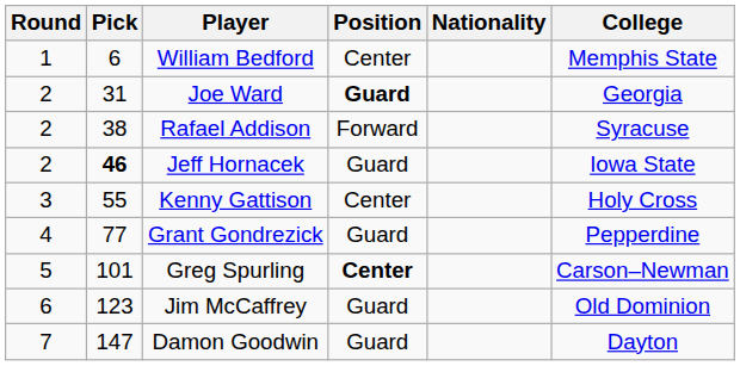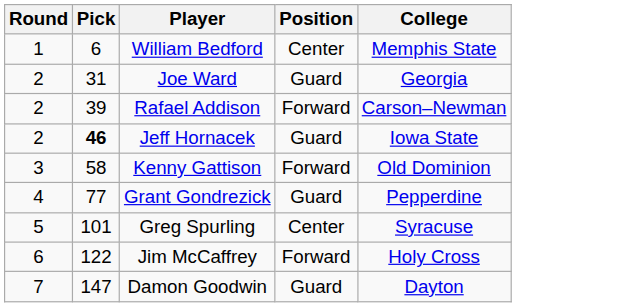 <table class="wikitable sortable sortable">
 <tr>
 <th>Round</th>
 <th>Pick</th>
 <th>Player</th>
 <th>Position</th>
-<th>Nationality</th>
 <th>College</th>
 </tr>
 <tr style="text-align: center">
 <td>1</td>
 <td>6</td>
 <td><a href='#'>William Bedford</a></td>
 <td>Center</td>
-<td></td>
 <td><a href='#'>Memphis State</a></td>
 </tr>
 <tr style="text-align: center">
 <td>2</td>
 <td>31</td>
 <td><a href='#'>Joe Ward</a></td>
-<td><strong>Guard</strong></td>
-<td></td>
+<td>Guard</td>
 <td><a href='#'>Georgia</a></td>
 </tr>
 <tr style="text-align: center">
 <td>2</td>
-<td>38</td>
+<td>39</td>
 <td><a href='#'>Rafael Addison</a></td>
 <td>Forward</td>
-<td></td>
-<td><a href='#'>Syracuse</a></td>
+<td><a href='#'>Carson–Newman</a></td>
 </tr>
 <tr style="text-align: center">
 <td>2</td>
 <td><strong>46</strong></td>
 <td><a href='#'>Jeff Hornacek</a></td>
 <td>Guard</td>
-<td></td>
 <td><a href='#'>Iowa State</a></td>
 </tr>
 <tr style="text-align: center">
 <td>3</td>
-<td>55</td>
+<td>58</td>
 <td><a href='#'>Kenny Gattison</a></td>
-<td>Center</td>
-<td></td>
-<td><a href='#'>Holy Cross</a></td>
+<td>Forward</td>
+<td><a href='#'>Old Dominion</a></td>
 </tr>
 <tr style="text-align: center">
 <td>4</td>
 <td>77</td>
 <td><a href='#'>Grant Gondrezick</a></td>
 <td>Guard</td>
-<td></td>
 <td><a href='#'>Pepperdine</a></td>
 </tr>
 <tr style="text-align: center">
 <td>5</td>
 <td>101</td>
 <td>Greg Spurling</td>
-<td><strong>Center</strong></td>
-<td></td>
-<td><a href='#'>Carson–Newman</a></td>
+<td>Center</td>
+<td><a href='#'>Syracuse</a></td>
 </tr>
 <tr style="text-align: center">
 <td>6</td>
-<td>123</td>
+<td>122</td>
 <td>Jim McCaffrey</td>
-<td>Guard</td>
-<td></td>
-<td><a href='#'>Old Dominion</a></td>
+<td>Forward</td>
+<td><a href='#'>Holy Cross</a></td>
 </tr>
 <tr style="text-align: center">
 <td>7</td>
 <td>147</td>
 <td>Damon Goodwin</td>
 <td>Guard</td>
-<td></td>
 <td><a href='#'>Dayton</a></td>
 </tr>
 </table>
